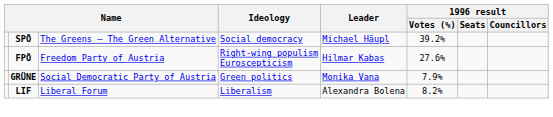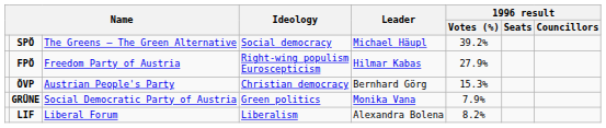 <table class="wikitable">
 <tr>
 <th rowspan="2" colspan="3">Name</th>
 <th rowspan="2">Ideology</th>
 <th rowspan="2">Leader</th>
 <th colspan="3">1996 result</th>
 </tr>
 <tr>
 <th>Votes (%)</th>
 <th>Seats</th>
 <th>Councillors</th>
 </tr>
 <tr>
 <td style="background:"></td>
 <td style="text-align:center;"><strong>SPÖ</strong></td>
 <td><a href='#'>The Greens – The Green Alternative</a><br></td>
 <td><a href='#'>Social democracy</a></td>
 <td><a href='#'>Michael Häupl</a></td>
 <td style="text-align:center;">39.2%</td>
 <td></td>
 <td></td>
 </tr>
 <tr>
 <td style="background:"></td>
 <td style="text-align:center;"><strong>FPÖ</strong></td>
 <td><a href='#'>Freedom Party of Austria</a><br></td>
 <td><a href='#'>Right-wing populism</a><br><a href='#'>Euroscepticism</a></td>
 <td><a href='#'>Hilmar Kabas</a></td>
-<td style="text-align:center;">27.6%</td>
+<td style="text-align:center;">27.9%</td>
+<td></td>
+<td></td>
+</tr>
+<tr>
+<td style="background:"></td>
+<td style="text-align:center;"><strong>ÖVP</strong></td>
+<td><a href='#'>Austrian People's Party</a><br></td>
+<td><a href='#'>Christian democracy</a></td>
+<td>Bernhard Görg</td>
+<td style="text-align:center;">15.3%</td>
 <td></td>
 <td></td>
 </tr>
 <tr>
 <td style="background:"></td>
 <td style="text-align:center;"><strong>GRÜNE</strong></td>
 <td><a href='#'>Social Democratic Party of Austria</a><br></td>
 <td><a href='#'>Green politics</a></td>
 <td><a href='#'>Monika Vana</a></td>
 <td style="text-align:center;">7.9%</td>
 <td></td>
 <td></td>
 </tr>
 <tr>
 <td style="background:"></td>
 <td style="text-align:center;"><strong>LIF</strong></td>
 <td><a href='#'>Liberal Forum</a><br></td>
 <td><a href='#'>Liberalism</a></td>
 <td>Alexandra Bolena</td>
 <td style="text-align:center;">8.2%</td>
 <td></td>
 </tr>
 </table>
